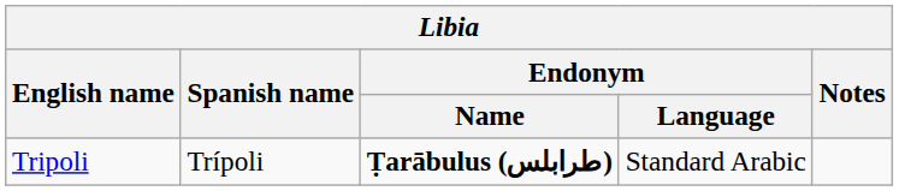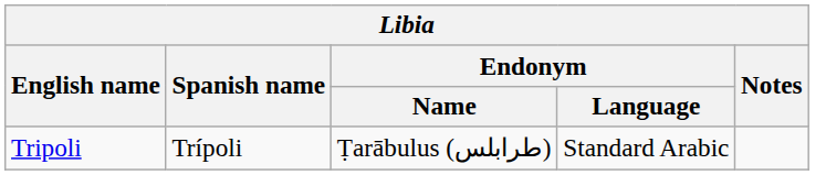 <table class="wikitable sortable">
 <tr>
 <th colspan="5"> <em>Libia</em></th>
 </tr>
 <tr>
 <th rowspan="2">English name</th>
 <th rowspan="2">Spanish name</th>
 <th colspan="2">Endonym</th>
 <th rowspan="2">Notes</th>
 </tr>
 <tr>
 <th>Name</th>
 <th>Language</th>
 </tr>
 <tr>
 <td><a href='#'>Tripoli</a></td>
 <td>Trípoli</td>
-<td><strong>Ṭarābulus (طرابلس)</strong></td>
+<td>Ṭarābulus (طرابلس)</td>
 <td>Standard Arabic</td>
 <td></td>
 </tr>
 </table>
